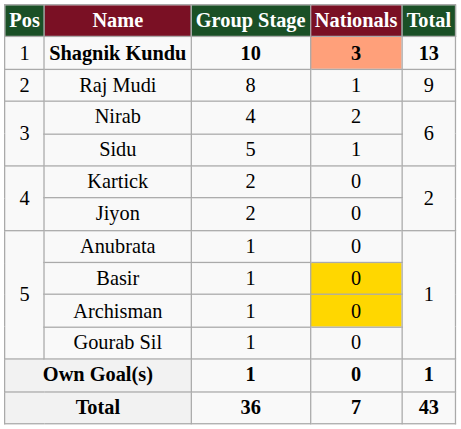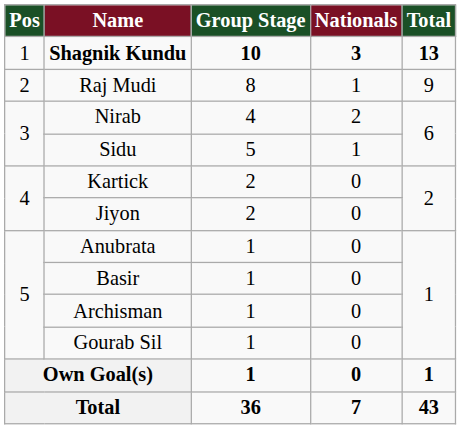 <table class="wikitable" margin-left:1em;float:center>
 <tr>
 <th style="background:#1A5026; color:white; text-align:center;">Pos</th>
 <th style="background:#7A1024; color:white; text-align:center;">Name</th>
 <th style="background:#1A5026; color:white; text-align:center;">Group Stage</th>
 <th style="background:#7A1024; color:white; text-align:center;">Nationals</th>
 <th style="background:#1A5026; color:white; text-align:center;">Total</th>
 </tr>
 <tr>
 <td rowspan=1 style="text-align:center">1</td>
 <td style="text-align:center"><strong>Shagnik Kundu</strong></td>
 <td style="text-align:center"><strong>10</strong></td>
-<td style="background: lightsalmon; text-align:center"><strong>3</strong></td>
+<td style="text-align:center"><strong>3</strong></td>
 <td style="text-align:center"><strong>13</strong></td>
 </tr>
 <tr>
 <td rowspan=1 style="text-align:center">2</td>
 <td style="text-align:center">Raj Mudi</td>
 <td style="text-align:center">8</td>
 <td style="text-align:center">1</td>
 <td style="text-align:center">9</td>
 </tr>
 <tr>
 <td rowspan=2 style="text-align:center">3</td>
 <td style="text-align:center">Nirab</td>
 <td style="text-align:center">4</td>
 <td style="text-align:center">2</td>
 <td rowspan=2 style="text-align:center">6</td>
 </tr>
 <tr>
 <td style="text-align:center">Sidu</td>
 <td style="text-align:center">5</td>
 <td style="text-align:center">1</td>
 </tr>
 <tr>
 <td rowspan=2 style="text-align:center">4</td>
 <td style="text-align:center">Kartick</td>
 <td style="text-align:center">2</td>
 <td style="text-align:center">0</td>
 <td rowspan=2 style="text-align:center">2</td>
 </tr>
 <tr>
 <td style="text-align:center">Jiyon</td>
 <td style="text-align:center">2</td>
 <td style="text-align:center">0</td>
 </tr>
 <tr>
 <td rowspan=4 style="text-align:center">5</td>
 <td style="text-align:center">Anubrata</td>
 <td style="text-align:center">1</td>
 <td style="text-align:center">0</td>
 <td rowspan=4 style="text-align:center">1</td>
 </tr>
 <tr>
 <td style="text-align:center">Basir</td>
 <td style="text-align:center">1</td>
-<td style="background: gold; text-align:center">0</td>
+<td style="text-align:center">0</td>
 </tr>
 <tr>
 <td style="text-align:center">Archisman</td>
 <td style="text-align:center">1</td>
-<td style="background: gold; text-align:center">0</td>
+<td style="text-align:center">0</td>
 </tr>
 <tr>
 <td style="text-align:center">Gourab Sil</td>
 <td style="text-align:center">1</td>
 <td style="text-align:center">0</td>
 </tr>
 <tr>
 <th colspan=2>Own Goal(s)</th>
 <td style="text-align:center"><strong>1</strong></td>
 <td style="text-align:center"><strong>0</strong></td>
 <td style="text-align:center"><strong>1</strong></td>
 </tr>
 <tr>
 <th colspan=2>Total</th>
 <td style="text-align:center"><strong>36</strong></td>
 <td style="text-align:center"><strong>7</strong></td>
 <td style="text-align:center"><strong>43</strong></td>
 </tr>
 </table>
